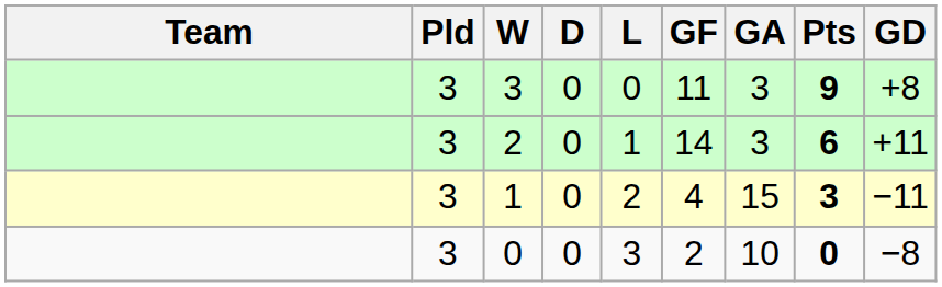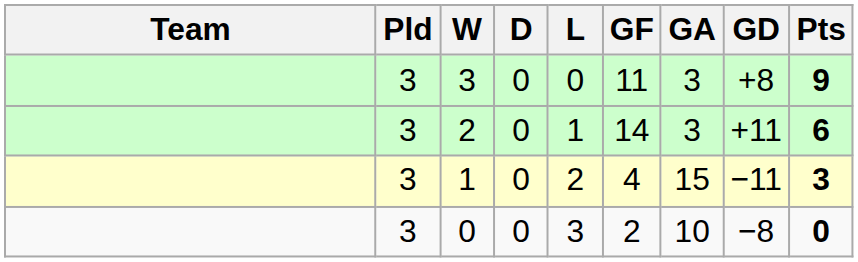 <table class="wikitable" style="text-align:center;">
 <tr>
 <th width=180>Team</th>
 <th width=20>Pld</th>
 <th width=20>W</th>
 <th width=20>D</th>
 <th width=20>L</th>
 <th width=20>GF</th>
 <th width=20>GA</th>
+<th width=20>GD</th>
 <th width=20>Pts</th>
-<th width=20>GD</th>
 </tr>
 <tr align=center style="background:#ccffcc">
 <td style="text-align:left;"></td>
 <td>3</td>
 <td>3</td>
 <td>0</td>
 <td>0</td>
 <td>11</td>
 <td>3</td>
+<td>+8</td>
 <td><strong>9</strong></td>
-<td>+8</td>
 </tr>
 <tr align=center style="background:#ccffcc;">
 <td style="text-align:left;"></td>
 <td>3</td>
 <td>2</td>
 <td>0</td>
 <td>1</td>
 <td>14</td>
 <td>3</td>
+<td>+11</td>
 <td><strong>6</strong></td>
-<td>+11</td>
 </tr>
 <tr align=center style="background:#ffffcc;">
 <td style="text-align:left;"></td>
 <td>3</td>
 <td>1</td>
 <td>0</td>
 <td>2</td>
 <td>4</td>
 <td>15</td>
+<td>−11</td>
 <td><strong>3</strong></td>
-<td>−11</td>
 </tr>
 <tr align=center>
 <td style="text-align:left;"></td>
 <td>3</td>
 <td>0</td>
 <td>0</td>
 <td>3</td>
 <td>2</td>
 <td>10</td>
+<td>−8</td>
 <td><strong>0</strong></td>
-<td>−8</td>
 </tr>
 </table>
